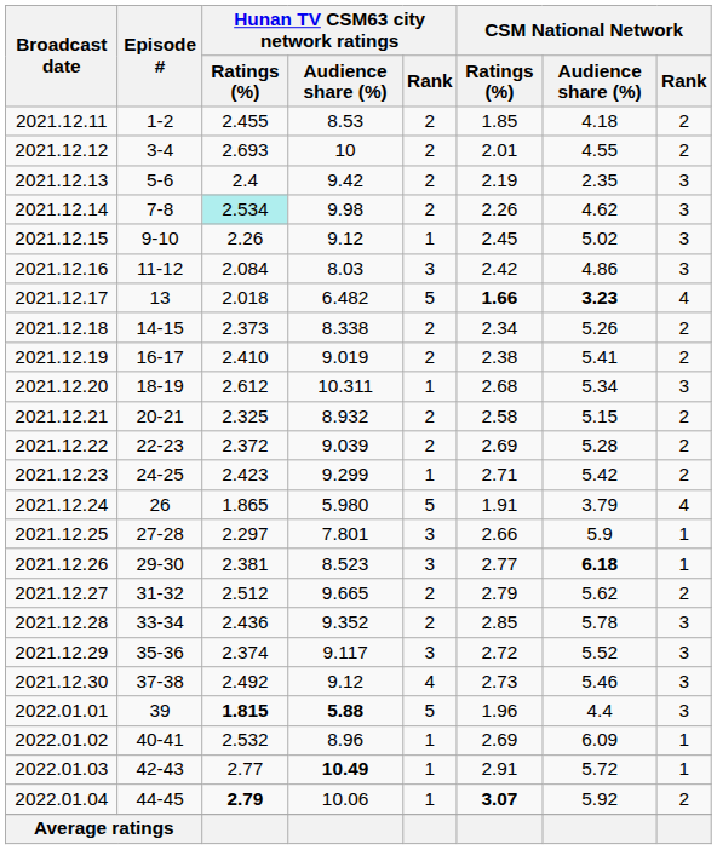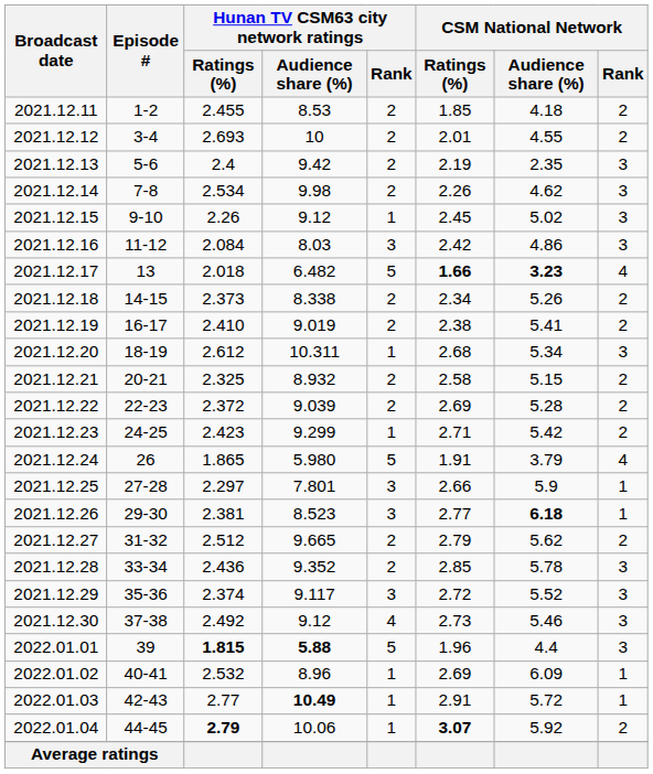 <table class="wikitable sortable mw-collapsible jquery-tablesorter" style="text-align:center">
 <tr>
 <th rowspan="2"><strong>Broadcast date</strong></th>
 <th rowspan="2"><strong>Episode #</strong></th>
 <th colspan="3"><a href='#'>Hunan TV</a> CSM63 city network ratings</th>
 <th colspan="3" rowspan="1">CSM National Network</th>
 </tr>
 <tr>
 <th><strong>Ratings (%)</strong></th>
 <th><strong>Audience share (%)</strong></th>
 <th><strong>Rank</strong></th>
 <th colspan="1" rowspan="1">Ratings (%)</th>
 <th colspan="1" rowspan="1">Audience share (%)</th>
 <th colspan="1" rowspan="1">Rank</th>
 </tr>
 <tr>
 <td>2021.12.11</td>
 <td>1-2</td>
 <td>2.455</td>
 <td>8.53</td>
 <td>2</td>
 <td>1.85</td>
 <td>4.18</td>
 <td>2</td>
 </tr>
 <tr>
 <td>2021.12.12</td>
 <td>3-4</td>
 <td>2.693</td>
 <td>10</td>
 <td>2</td>
 <td>2.01</td>
 <td>4.55</td>
 <td>2</td>
 </tr>
 <tr>
 <td>2021.12.13</td>
 <td>5-6</td>
 <td>2.4</td>
 <td>9.42</td>
 <td>2</td>
 <td>2.19</td>
 <td>2.35</td>
 <td>3</td>
 </tr>
 <tr>
 <td>2021.12.14</td>
 <td>7-8</td>
-<td style="background: paleturquoise;">2.534</td>
+<td>2.534</td>
 <td>9.98</td>
 <td>2</td>
 <td>2.26</td>
 <td>4.62</td>
 <td>3</td>
 </tr>
 <tr>
 <td>2021.12.15</td>
 <td>9-10</td>
 <td>2.26</td>
 <td>9.12</td>
 <td>1</td>
 <td>2.45</td>
 <td>5.02</td>
 <td>3</td>
 </tr>
 <tr>
 <td>2021.12.16</td>
 <td>11-12</td>
 <td>2.084</td>
 <td>8.03</td>
 <td>3</td>
 <td>2.42</td>
 <td>4.86</td>
 <td>3</td>
 </tr>
 <tr>
 <td>2021.12.17</td>
 <td>13</td>
 <td>2.018</td>
 <td>6.482</td>
 <td>5</td>
 <td><strong><span>1.66</span></strong></td>
 <td><strong><span>3.23</span></strong></td>
 <td>4</td>
 </tr>
 <tr>
 <td>2021.12.18</td>
 <td>14-15</td>
 <td>2.373</td>
 <td>8.338</td>
 <td>2</td>
 <td>2.34</td>
 <td>5.26</td>
 <td>2</td>
 </tr>
 <tr>
 <td>2021.12.19</td>
 <td>16-17</td>
 <td>2.410</td>
 <td>9.019</td>
 <td>2</td>
 <td>2.38</td>
 <td>5.41</td>
 <td>2</td>
 </tr>
 <tr>
 <td>2021.12.20</td>
 <td>18-19</td>
 <td>2.612</td>
 <td>10.311</td>
 <td>1</td>
 <td>2.68</td>
 <td>5.34</td>
 <td>3</td>
 </tr>
 <tr>
 <td>2021.12.21</td>
 <td>20-21</td>
 <td>2.325</td>
 <td>8.932</td>
 <td>2</td>
 <td>2.58</td>
 <td>5.15</td>
 <td>2</td>
 </tr>
 <tr>
 <td>2021.12.22</td>
 <td>22-23</td>
 <td>2.372</td>
 <td>9.039</td>
 <td>2</td>
 <td>2.69</td>
 <td>5.28</td>
 <td>2</td>
 </tr>
 <tr>
 <td>2021.12.23</td>
 <td>24-25</td>
 <td>2.423</td>
 <td>9.299</td>
 <td>1</td>
 <td>2.71</td>
 <td>5.42</td>
 <td>2</td>
 </tr>
 <tr>
 <td>2021.12.24</td>
 <td>26</td>
 <td>1.865</td>
 <td>5.980</td>
 <td>5</td>
 <td>1.91</td>
 <td>3.79</td>
 <td>4</td>
 </tr>
 <tr>
 <td>2021.12.25</td>
 <td>27-28</td>
 <td>2.297</td>
 <td>7.801</td>
 <td>3</td>
 <td>2.66</td>
 <td>5.9</td>
 <td>1</td>
 </tr>
 <tr>
 <td>2021.12.26</td>
 <td>29-30</td>
 <td>2.381</td>
 <td>8.523</td>
 <td>3</td>
 <td>2.77</td>
 <td><strong><span>6.18</span></strong></td>
 <td>1</td>
 </tr>
 <tr>
 <td>2021.12.27</td>
 <td>31-32</td>
 <td>2.512</td>
 <td>9.665</td>
 <td>2</td>
 <td>2.79</td>
 <td>5.62</td>
 <td>2</td>
 </tr>
 <tr>
 <td>2021.12.28</td>
 <td>33-34</td>
 <td>2.436</td>
 <td>9.352</td>
 <td>2</td>
 <td>2.85</td>
 <td>5.78</td>
 <td>3</td>
 </tr>
 <tr>
 <td>2021.12.29</td>
 <td>35-36</td>
 <td>2.374</td>
 <td>9.117</td>
 <td>3</td>
 <td>2.72</td>
 <td>5.52</td>
 <td>3</td>
 </tr>
 <tr>
 <td>2021.12.30</td>
 <td>37-38</td>
 <td>2.492</td>
 <td>9.12</td>
 <td>4</td>
 <td>2.73</td>
 <td>5.46</td>
 <td>3</td>
 </tr>
 <tr>
 <td>2022.01.01</td>
 <td>39</td>
 <td><strong><span>1.815</span></strong></td>
 <td><strong><span>5.88</span></strong></td>
 <td>5</td>
 <td>1.96</td>
 <td>4.4</td>
 <td>3</td>
 </tr>
 <tr>
 <td>2022.01.02</td>
 <td>40-41</td>
 <td>2.532</td>
 <td>8.96</td>
 <td>1</td>
 <td>2.69</td>
 <td>6.09</td>
 <td>1</td>
 </tr>
 <tr>
 <td>2022.01.03</td>
 <td>42-43</td>
 <td>2.77</td>
 <td><strong><span>10.49</span></strong></td>
 <td>1</td>
 <td>2.91</td>
 <td>5.72</td>
 <td>1</td>
 </tr>
 <tr>
 <td>2022.01.04</td>
 <td>44-45</td>
 <td><strong><span>2.79</span></strong></td>
 <td>10.06</td>
 <td>1</td>
 <td><strong><span>3.07</span></strong></td>
 <td>5.92</td>
 <td>2</td>
 </tr>
 <tr>
 </tr>
 <tr>
 <th colspan="2">Average ratings</th>
 <th></th>
 <th></th>
 <th></th>
 <th></th>
 <th></th>
 <th></th>
 </tr>
 </table>
